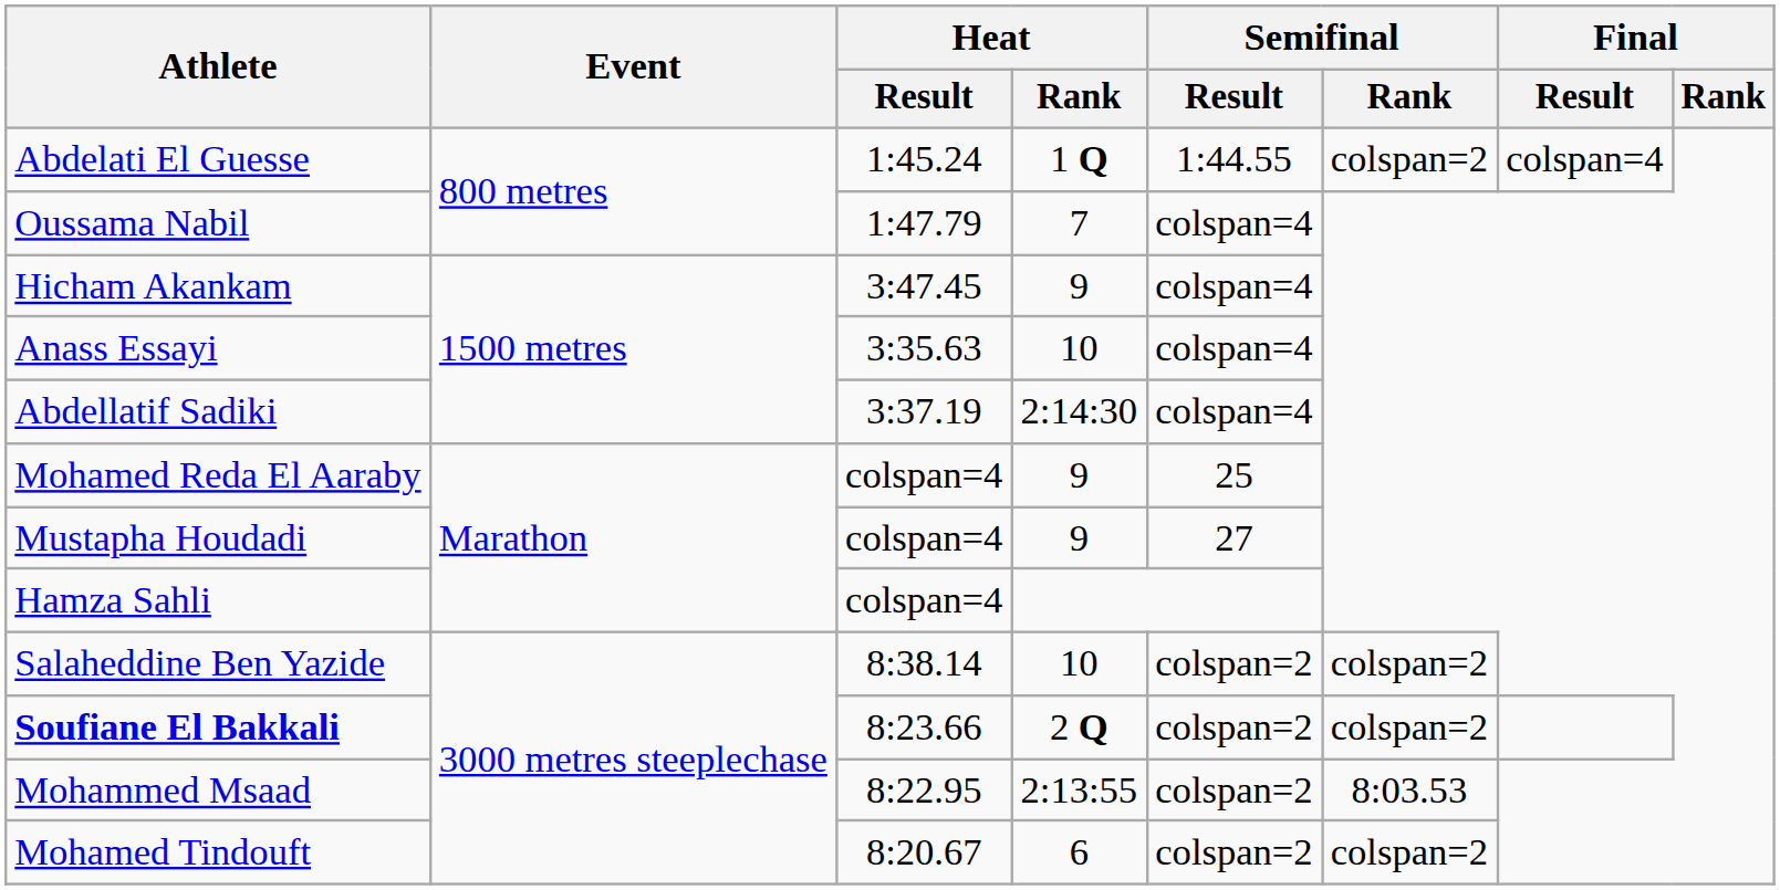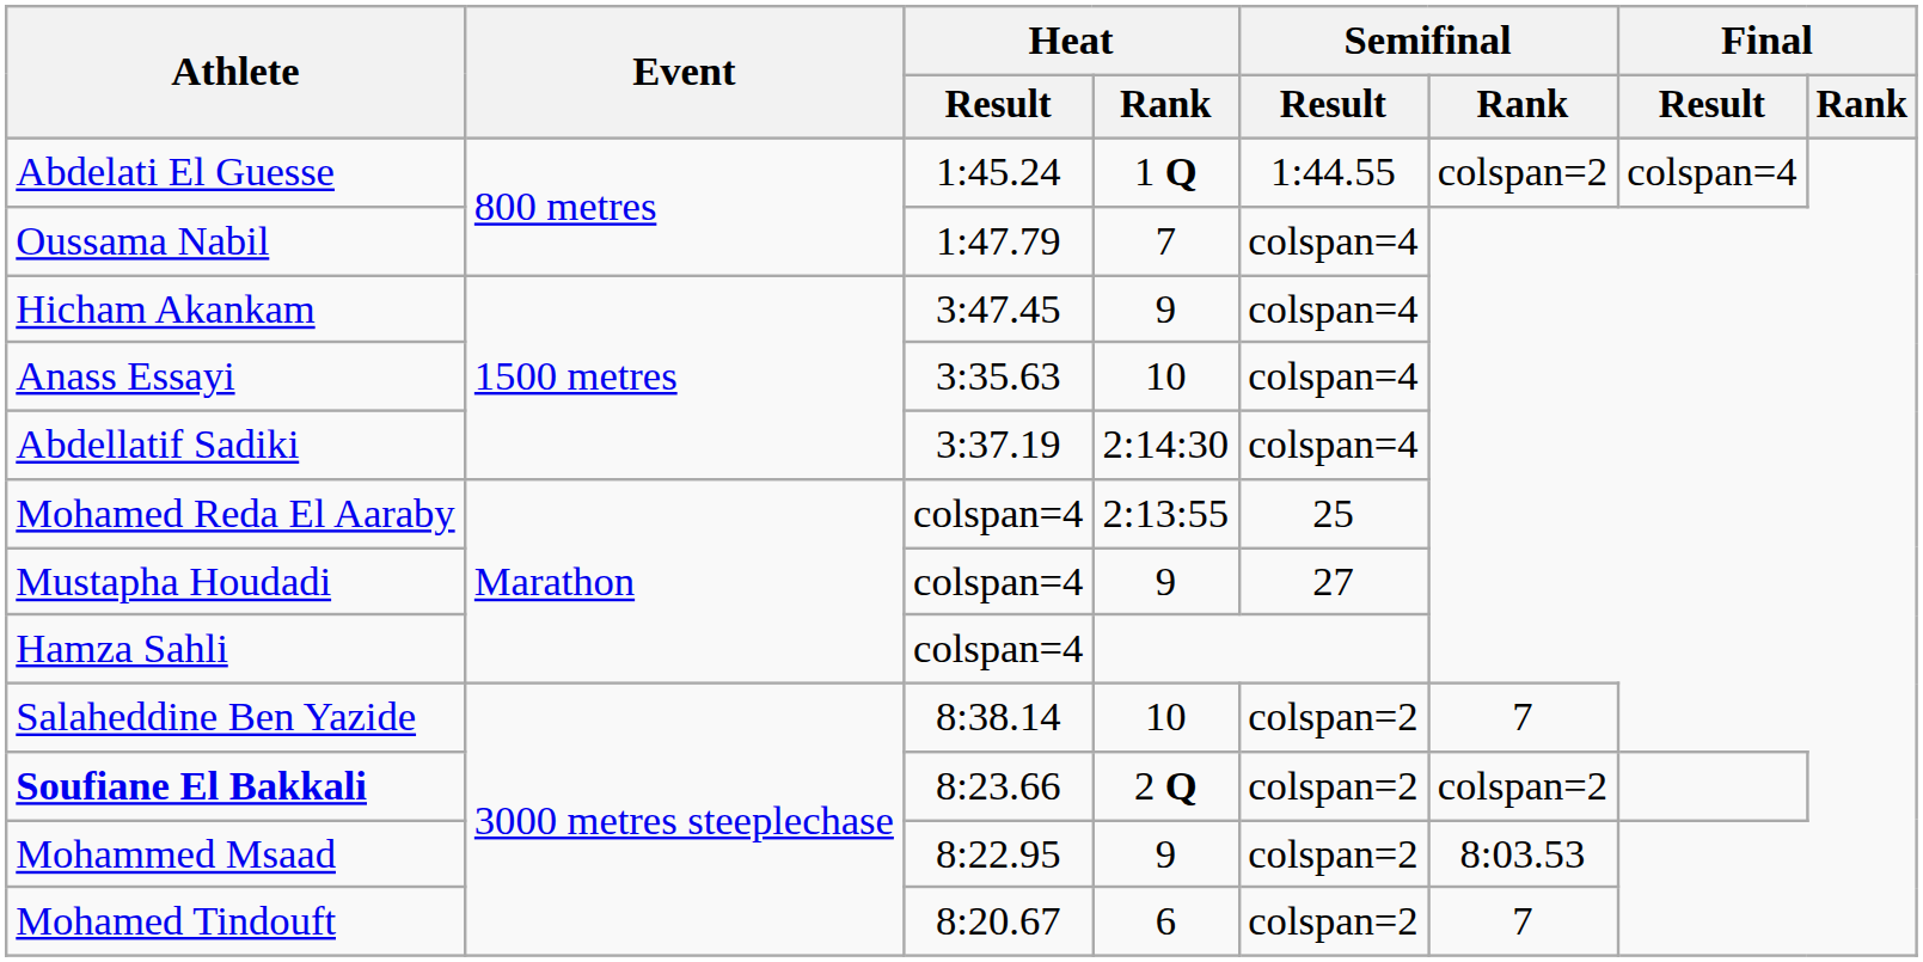 <table class="wikitable" style="font-size:90%">
 <tr>
 <th rowspan="2">Athlete</th>
 <th rowspan="2">Event</th>
 <th colspan="2">Heat</th>
 <th colspan="2">Semifinal</th>
 <th colspan="2">Final</th>
 </tr>
 <tr style="font-size:95%">
 <th>Result</th>
 <th>Rank</th>
 <th>Result</th>
 <th>Rank</th>
 <th>Result</th>
 <th>Rank</th>
 </tr>
 <tr align=center>
 <td align=left><a href='#'>Abdelati El Guesse</a></td>
 <td align=left rowspan=2><a href='#'>800 metres</a></td>
 <td>1:45.24</td>
 <td>1 <strong>Q</strong></td>
 <td>1:44.55</td>
 <td>colspan=2 </td>
 <td>colspan=4 </td>
 </tr>
 <tr align=center>
 <td align=left><a href='#'>Oussama Nabil</a></td>
 <td>1:47.79</td>
 <td>7</td>
 <td>colspan=4 </td>
 </tr>
 <tr align=center>
 <td align=left><a href='#'>Hicham Akankam</a></td>
 <td align=left rowspan=3><a href='#'>1500 metres</a></td>
 <td>3:47.45</td>
 <td>9</td>
 <td>colspan=4 </td>
 </tr>
 <tr align=center>
 <td align=left><a href='#'>Anass Essayi</a></td>
 <td>3:35.63</td>
 <td>10</td>
 <td>colspan=4 </td>
 </tr>
 <tr align=center>
 <td align=left><a href='#'>Abdellatif Sadiki</a></td>
 <td>3:37.19</td>
 <td>2:14:30</td>
 <td>colspan=4 </td>
 </tr>
 <tr align=center>
 <td align=left><a href='#'>Mohamed Reda El Aaraby</a></td>
 <td align=left rowspan=3><a href='#'>Marathon</a></td>
 <td>colspan=4</td>
-<td>9</td>
+<td>2:13:55 </td>
 <td>25</td>
 </tr>
 <tr align=center>
 <td align=left><a href='#'>Mustapha Houdadi</a></td>
 <td>colspan=4</td>
 <td>9</td>
 <td>27</td>
 </tr>
 <tr align=center>
 <td align=left><a href='#'>Hamza Sahli</a></td>
 <td>colspan=4</td>
 <td colspan=2></td>
 </tr>
 <tr align=center>
 <td align=left><a href='#'>Salaheddine Ben Yazide</a></td>
 <td align=left rowspan=4><a href='#'>3000 metres steeplechase</a></td>
 <td>8:38.14</td>
 <td>10</td>
 <td>colspan=2</td>
-<td>colspan=2 </td>
+<td>7</td>
 </tr>
 <tr align=center>
 <td align=left><strong><a href='#'>Soufiane El Bakkali</a></strong></td>
 <td>8:23.66</td>
 <td>2 <strong>Q</strong></td>
 <td>colspan=2</td>
 <td>colspan=2 </td>
 <td></td>
 </tr>
 <tr align=center>
 <td align=left><a href='#'>Mohammed Msaad</a></td>
 <td>8:22.95</td>
-<td>2:13:55 </td>
+<td>9</td>
 <td>colspan=2</td>
 <td>8:03.53</td>
 </tr>
 <tr align=center>
 <td align=left><a href='#'>Mohamed Tindouft</a></td>
 <td>8:20.67</td>
 <td>6</td>
 <td>colspan=2</td>
-<td>colspan=2 </td>
+<td>7</td>
 </tr>
 </table>
